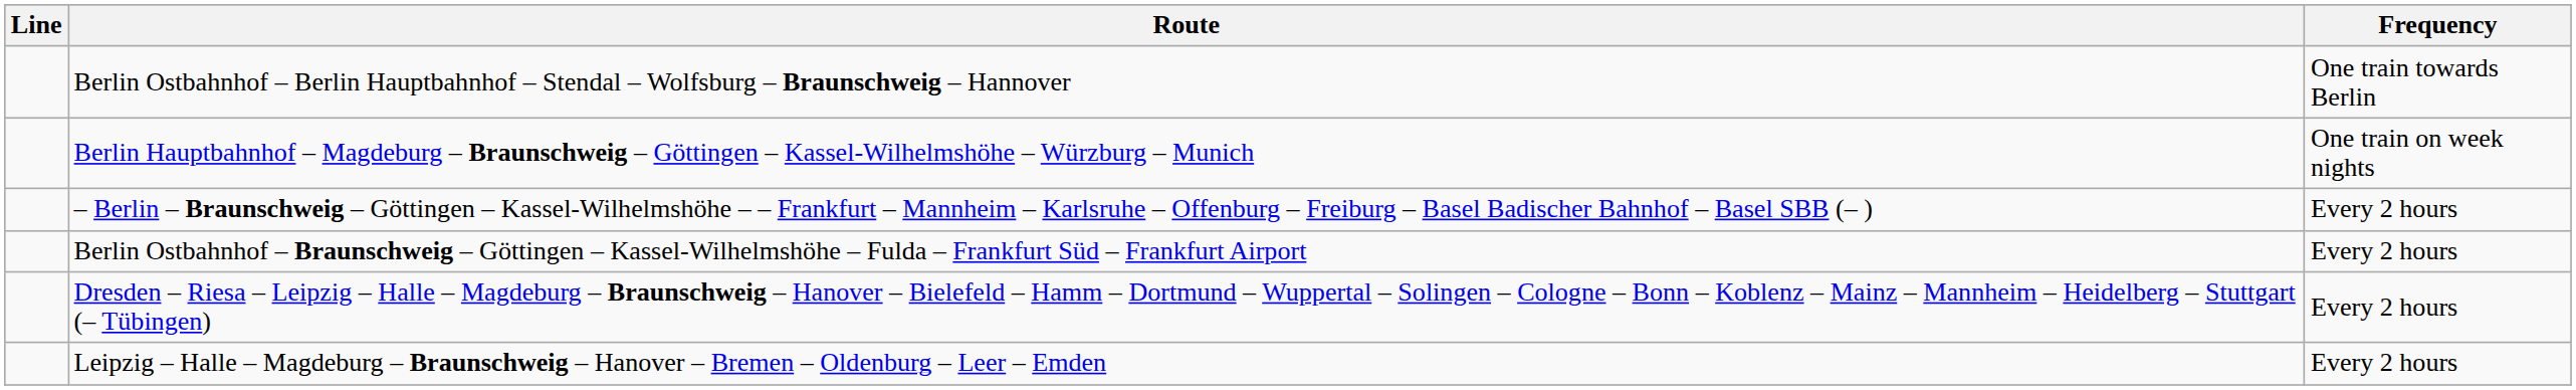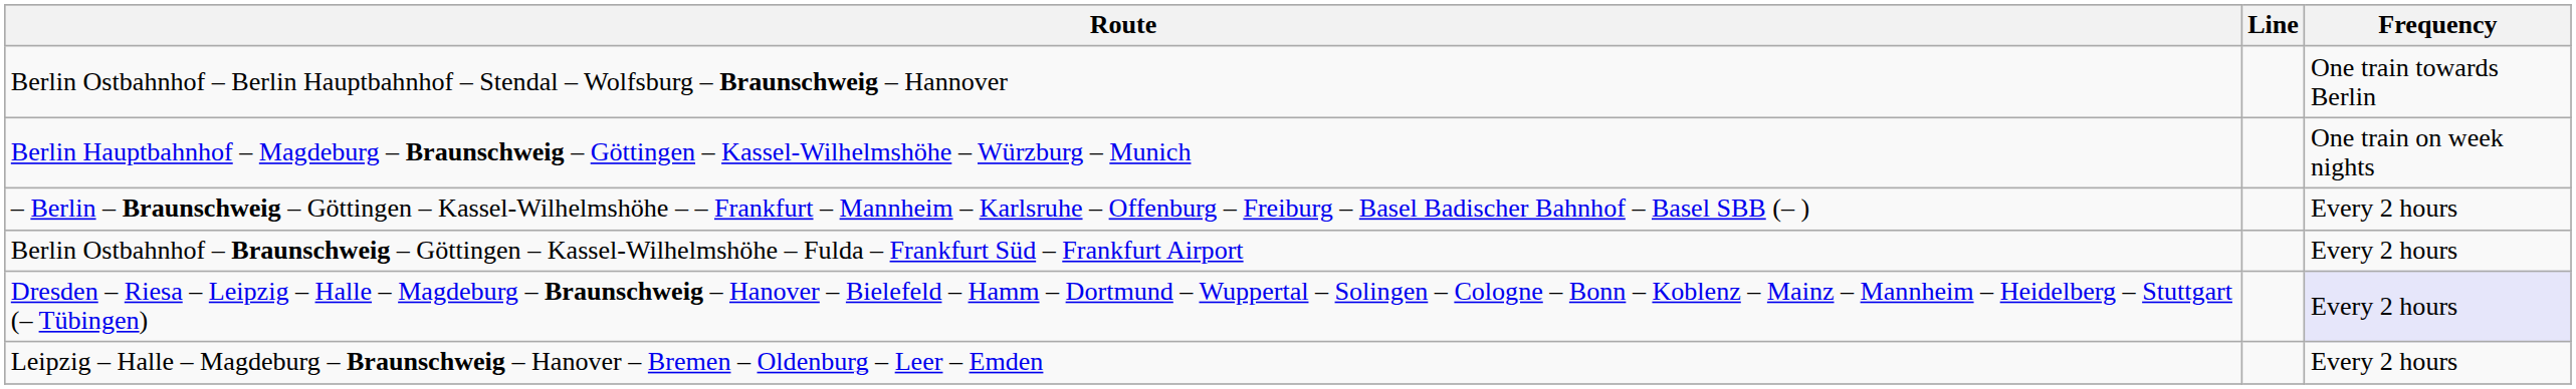 <table class="wikitable">
 <tr style="background:#e3e3e3">
+<th>Route</th>
 <th>Line</th>
-<th>Route</th>
 <th>Frequency</th>
 </tr>
 <tr>
+<td>Berlin Ostbahnhof – Berlin Hauptbahnhof – Stendal – Wolfsburg – <strong>Braunschweig</strong> – Hannover</td>
 <td></td>
-<td>Berlin Ostbahnhof – Berlin Hauptbahnhof – Stendal – Wolfsburg – <strong>Braunschweig</strong> – Hannover</td>
 <td>One train towards Berlin</td>
 </tr>
 <tr>
+<td><a href='#'>Berlin Hauptbahnhof</a> – <a href='#'>Magdeburg</a> – <strong>Braunschweig</strong> – <a href='#'>Göttingen</a> – <a href='#'>Kassel-Wilhelmshöhe</a> – <a href='#'>Würzburg</a> – <a href='#'>Munich</a></td>
 <td></td>
-<td><a href='#'>Berlin Hauptbahnhof</a> – <a href='#'>Magdeburg</a> – <strong>Braunschweig</strong> – <a href='#'>Göttingen</a> – <a href='#'>Kassel-Wilhelmshöhe</a> – <a href='#'>Würzburg</a> – <a href='#'>Munich</a></td>
 <td>One train on week nights</td>
 </tr>
 <tr>
+<td> – <a href='#'>Berlin</a> – <strong>Braunschweig</strong> – Göttingen – Kassel-Wilhelmshöhe –  – <a href='#'>Frankfurt</a> – <a href='#'>Mannheim</a> – <a href='#'>Karlsruhe</a> – <a href='#'>Offenburg</a> – <a href='#'>Freiburg</a> – <a href='#'>Basel Badischer Bahnhof</a> – <a href='#'>Basel SBB</a> (– )</td>
 <td></td>
-<td> – <a href='#'>Berlin</a> – <strong>Braunschweig</strong> – Göttingen – Kassel-Wilhelmshöhe –  – <a href='#'>Frankfurt</a> – <a href='#'>Mannheim</a> – <a href='#'>Karlsruhe</a> – <a href='#'>Offenburg</a> – <a href='#'>Freiburg</a> – <a href='#'>Basel Badischer Bahnhof</a> – <a href='#'>Basel SBB</a> (– )</td>
 <td>Every 2 hours</td>
 </tr>
 <tr>
+<td>Berlin Ostbahnhof – <strong>Braunschweig</strong> –  Göttingen – Kassel-Wilhelmshöhe – Fulda – <a href='#'>Frankfurt Süd</a> – <a href='#'>Frankfurt Airport</a></td>
 <td></td>
-<td>Berlin Ostbahnhof – <strong>Braunschweig</strong> –  Göttingen – Kassel-Wilhelmshöhe – Fulda – <a href='#'>Frankfurt Süd</a> – <a href='#'>Frankfurt Airport</a></td>
 <td>Every 2 hours</td>
 </tr>
 <tr>
+<td><a href='#'>Dresden</a> – <a href='#'>Riesa</a> – <a href='#'>Leipzig</a> – <a href='#'>Halle</a> – <a href='#'>Magdeburg</a> – <strong>Braunschweig</strong> – <a href='#'>Hanover</a> – <a href='#'>Bielefeld</a> – <a href='#'>Hamm</a> – <a href='#'>Dortmund</a> – <a href='#'>Wuppertal</a> – <a href='#'>Solingen</a> – <a href='#'>Cologne</a> – <a href='#'>Bonn</a> – <a href='#'>Koblenz</a> – <a href='#'>Mainz</a> – <a href='#'>Mannheim</a> – <a href='#'>Heidelberg</a> – <a href='#'>Stuttgart</a> (– <a href='#'>Tübingen</a>)</td>
 <td></td>
-<td><a href='#'>Dresden</a> – <a href='#'>Riesa</a> – <a href='#'>Leipzig</a> – <a href='#'>Halle</a> – <a href='#'>Magdeburg</a> – <strong>Braunschweig</strong> – <a href='#'>Hanover</a> – <a href='#'>Bielefeld</a> – <a href='#'>Hamm</a> – <a href='#'>Dortmund</a> – <a href='#'>Wuppertal</a> – <a href='#'>Solingen</a> – <a href='#'>Cologne</a> – <a href='#'>Bonn</a> – <a href='#'>Koblenz</a> – <a href='#'>Mainz</a> – <a href='#'>Mannheim</a> – <a href='#'>Heidelberg</a> – <a href='#'>Stuttgart</a> (– <a href='#'>Tübingen</a>)</td>
-<td>Every 2 hours</td>
+<td style="background: lavender;">Every 2 hours</td>
 </tr>
 <tr>
+<td>Leipzig – Halle – Magdeburg – <strong>Braunschweig</strong> – Hanover – <a href='#'>Bremen</a> –  <a href='#'>Oldenburg</a> – <a href='#'>Leer</a> – <a href='#'>Emden</a></td>
 <td></td>
-<td>Leipzig – Halle – Magdeburg – <strong>Braunschweig</strong> – Hanover – <a href='#'>Bremen</a> –  <a href='#'>Oldenburg</a> – <a href='#'>Leer</a> – <a href='#'>Emden</a></td>
 <td>Every 2 hours</td>
 </tr>
 </table>
